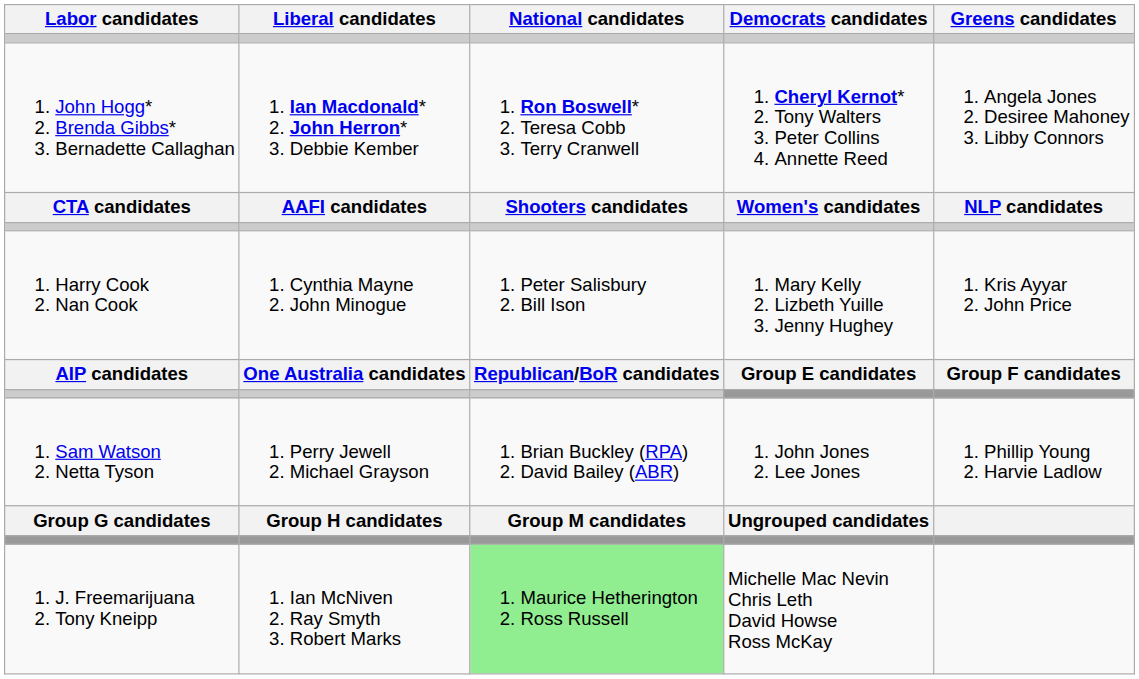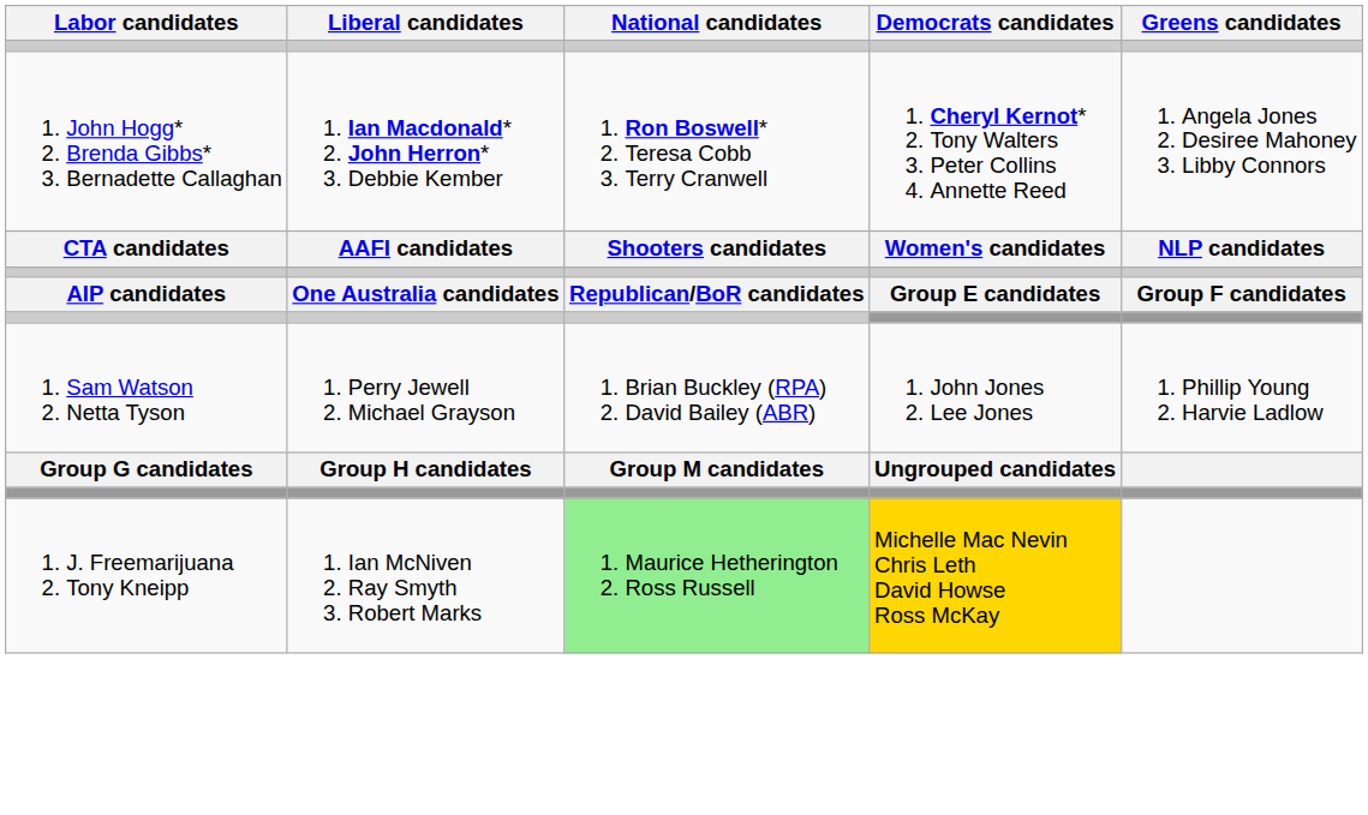 <table class="wikitable">
 <tr>
 <th><a href='#'>Labor</a> candidates</th>
 <th><a href='#'>Liberal</a> candidates</th>
 <th><a href='#'>National</a> candidates</th>
 <th><a href='#'>Democrats</a> candidates</th>
 <th><a href='#'>Greens</a> candidates</th>
 </tr>
 <tr bgcolor="#cccccc">
 <td></td>
 <td></td>
 <td></td>
 <td></td>
 <td></td>
 </tr>
 <tr>
 <td><br><ol><li><a href='#'>John Hogg</a>*</li><li><a href='#'>Brenda Gibbs</a>*</li><li>Bernadette Callaghan</li></ol></td>
 <td><br><ol><li><strong><a href='#'>Ian Macdonald</a></strong>*</li><li><strong><a href='#'>John Herron</a></strong>*</li><li>Debbie Kember</li></ol></td>
 <td><br><ol><li><strong><a href='#'>Ron Boswell</a></strong>*</li><li>Teresa Cobb</li><li>Terry Cranwell</li></ol></td>
 <td><br><ol><li><strong><a href='#'>Cheryl Kernot</a></strong>*</li><li>Tony Walters</li><li>Peter Collins</li><li>Annette Reed</li></ol></td>
 <td valign=top><br><ol><li>Angela Jones</li><li>Desiree Mahoney</li><li>Libby Connors</li></ol></td>
 </tr>
 <tr bgcolor="#cccccc">
 <th><a href='#'>CTA</a> candidates</th>
 <th><a href='#'>AAFI</a> candidates</th>
 <th><a href='#'>Shooters</a> candidates</th>
 <th><a href='#'>Women's</a> candidates</th>
 <th><a href='#'>NLP</a> candidates</th>
 </tr>
 <tr bgcolor="#cccccc">
 <td></td>
 <td></td>
 <td></td>
 <td></td>
 <td></td>
-</tr>
-<tr>
-<td valign=top><br><ol><li>Harry Cook</li><li>Nan Cook</li></ol></td>
-<td valign=top><br><ol><li>Cynthia Mayne</li><li>John Minogue</li></ol></td>
-<td valign=top><br><ol><li>Peter Salisbury</li><li>Bill Ison</li></ol></td>
-<td valign=top><br><ol><li>Mary Kelly</li><li>Lizbeth Yuille</li><li>Jenny Hughey</li></ol></td>
-<td valign=top><br><ol><li>Kris Ayyar</li><li>John Price</li></ol></td>
 </tr>
 <tr bgcolor="#cccccc">
 <th><a href='#'>AIP</a> candidates</th>
 <th><a href='#'>One Australia</a> candidates</th>
 <th><a href='#'>Republican</a>/<a href='#'>BoR</a> candidates</th>
 <th>Group E candidates</th>
 <th>Group F candidates</th>
 </tr>
 <tr bgcolor="#cccccc">
 <td></td>
 <td></td>
 <td></td>
 <td bgcolor="#999999"></td>
 <td bgcolor="#999999"></td>
 </tr>
 <tr>
 <td valign=top><br><ol><li><a href='#'>Sam Watson</a></li><li>Netta Tyson</li></ol></td>
 <td valign=top><br><ol><li>Perry Jewell</li><li>Michael Grayson</li></ol></td>
 <td valign=top><br><ol><li>Brian Buckley (<a href='#'>RPA</a>)</li><li>David Bailey (<a href='#'>ABR</a>)</li></ol></td>
 <td valign=top><br><ol><li>John Jones</li><li>Lee Jones</li></ol></td>
 <td valign=top><br><ol><li>Phillip Young</li><li>Harvie Ladlow</li></ol></td>
 </tr>
 <tr bgcolor="#cccccc">
 <th>Group G candidates</th>
 <th>Group H candidates</th>
 <th>Group M candidates</th>
 <th>Ungrouped candidates</th>
 <th></th>
 </tr>
 <tr bgcolor="#cccccc">
 <td bgcolor="#999999"></td>
 <td bgcolor="#999999"></td>
 <td bgcolor="#999999"></td>
 <td bgcolor="#999999"></td>
 <td bgcolor="#999999"></td>
 </tr>
 <tr>
 <td valign=top><br><ol><li>J. Freemarijuana</li><li>Tony Kneipp</li></ol></td>
 <td valign=top><br><ol><li>Ian McNiven</li><li>Ray Smyth</li><li>Robert Marks</li></ol></td>
 <td valign=top style="background: lightgreen;"><br><ol><li>Maurice Hetherington</li><li>Ross Russell</li></ol></td>
-<td valign=top><br>Michelle Mac Nevin<br> Chris Leth<br> David Howse<br> Ross McKay</td>
+<td valign=top style="background: gold;"><br>Michelle Mac Nevin<br> Chris Leth<br> David Howse<br> Ross McKay</td>
 <td valign=top></td>
 </tr>
 </table>
